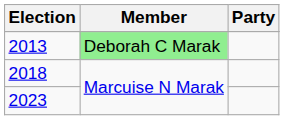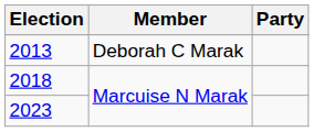 <table class="wikitable sortable">
 <tr>
 <th>Election</th>
 <th>Member</th>
 <th colspan=2>Party</th>
 </tr>
 <tr>
 </tr>
 <tr>
 </tr>
 <tr>
 </tr>
 <tr>
 </tr>
 <tr>
 </tr>
 <tr>
 </tr>
 <tr>
 </tr>
 <tr>
 </tr>
 <tr>
 </tr>
 <tr>
 <td><a href='#'>2013</a></td>
-<td style="background: lightgreen;">Deborah C Marak</td>
+<td>Deborah C Marak</td>
 <td></td>
 </tr>
 <tr>
 <td><a href='#'>2018</a></td>
 <td rowspan=2><a href='#'>Marcuise N Marak</a></td>
 <td></td>
 </tr>
 <tr>
 <td><a href='#'>2023</a></td>
 </tr>
 </table>
